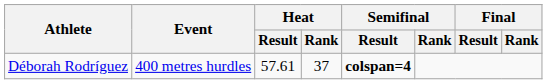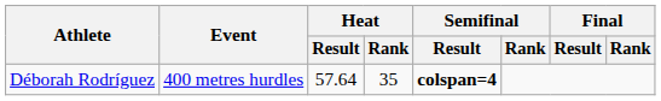 <table class=wikitable style=font-size:90%>
 <tr>
 <th rowspan=2>Athlete</th>
 <th rowspan=2>Event</th>
 <th colspan=2>Heat</th>
 <th colspan=2>Semifinal</th>
 <th colspan=2>Final</th>
 </tr>
 <tr style=font-size:95%>
 <th>Result</th>
 <th>Rank</th>
 <th>Result</th>
 <th>Rank</th>
 <th>Result</th>
 <th>Rank</th>
 </tr>
 <tr align=center>
 <td align=left><a href='#'>Déborah Rodríguez</a></td>
 <td align=left><a href='#'>400 metres hurdles</a></td>
-<td>57.61 <strong></strong></td>
-<td>37</td>
+<td>57.64 <strong></strong></td>
+<td>35</td>
 <td><strong>colspan=4 </strong></td>
 </tr>
 </table>
